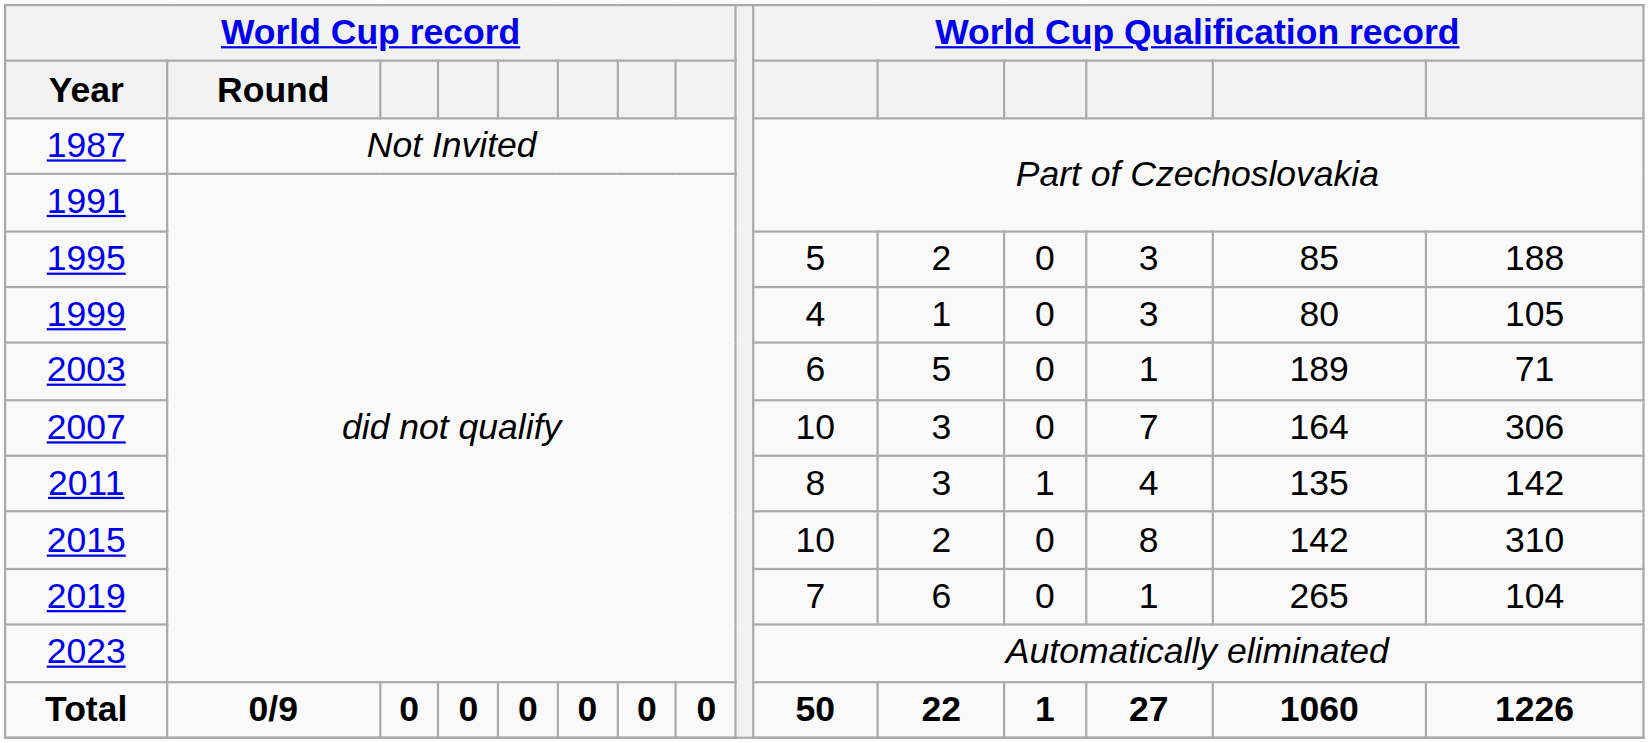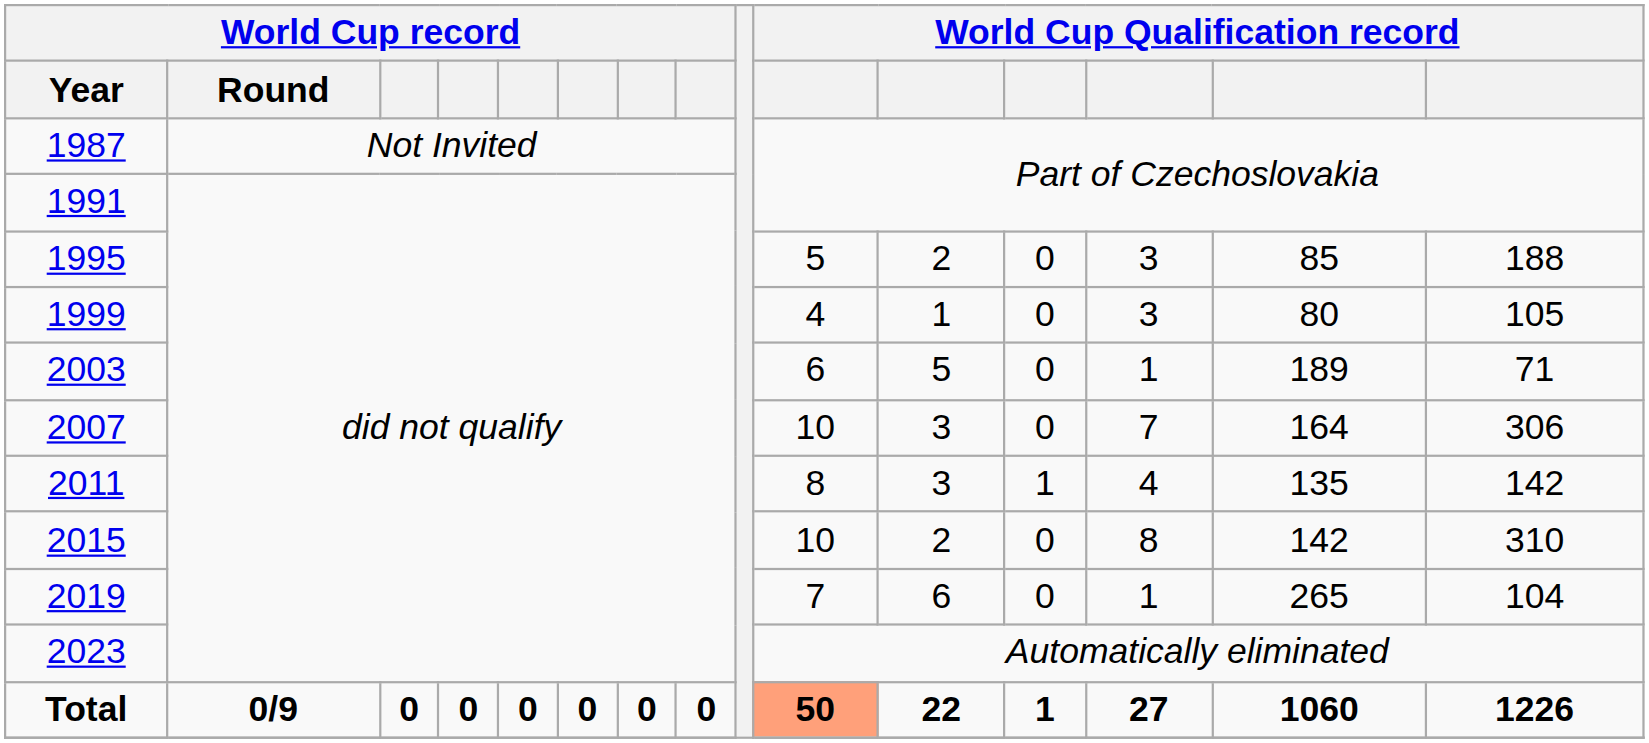 <table class="wikitable" style="text-align: center;">
 <tr>
 <th colspan=8><a href='#'>World Cup record</a></th>
 <th width=1% rowspan=25></th>
 <th colspan=6><a href='#'>World Cup Qualification record</a></th>
 </tr>
 <tr>
 <th>Year</th>
 <th>Round</th>
 <th></th>
 <th></th>
 <th></th>
 <th></th>
 <th></th>
 <th></th>
 <th></th>
 <th></th>
 <th></th>
 <th></th>
 <th></th>
 <th></th>
 </tr>
 <tr>
 <td> <a href='#'>1987</a></td>
 <td colspan=7><em>Not Invited</em></td>
 <td rowspan=2 colspan=6><em>Part of Czechoslovakia</em></td>
 </tr>
 <tr>
 <td> <a href='#'>1991</a></td>
 <td rowspan=9 colspan=7><em>did not qualify</em></td>
 </tr>
 <tr>
 <td> <a href='#'>1995</a></td>
 <td>5</td>
 <td>2</td>
 <td>0</td>
 <td>3</td>
 <td>85</td>
 <td>188</td>
 </tr>
 <tr>
 <td> <a href='#'>1999</a></td>
 <td>4</td>
 <td>1</td>
 <td>0</td>
 <td>3</td>
 <td>80</td>
 <td>105</td>
 </tr>
 <tr>
 <td> <a href='#'>2003</a></td>
 <td>6</td>
 <td>5</td>
 <td>0</td>
 <td>1</td>
 <td>189</td>
 <td>71</td>
 </tr>
 <tr>
 <td> <a href='#'>2007</a></td>
 <td>10</td>
 <td>3</td>
 <td>0</td>
 <td>7</td>
 <td>164</td>
 <td>306</td>
 </tr>
 <tr>
 <td> <a href='#'>2011</a></td>
 <td>8</td>
 <td>3</td>
 <td>1</td>
 <td>4</td>
 <td>135</td>
 <td>142</td>
 </tr>
 <tr>
 <td> <a href='#'>2015</a></td>
 <td>10</td>
 <td>2</td>
 <td>0</td>
 <td>8</td>
 <td>142</td>
 <td>310</td>
 </tr>
 <tr>
 <td> <a href='#'>2019</a></td>
 <td>7</td>
 <td>6</td>
 <td>0</td>
 <td>1</td>
 <td>265</td>
 <td>104</td>
 </tr>
 <tr>
 <td> <a href='#'>2023</a></td>
 <td colspan=6><em>Automatically eliminated</em></td>
 </tr>
 <tr>
 <td><strong>Total</strong></td>
 <td><strong>0/9</strong></td>
 <td><strong>0</strong></td>
 <td><strong>0</strong></td>
 <td><strong>0</strong></td>
 <td><strong>0</strong></td>
 <td><strong>0</strong></td>
 <td><strong>0</strong></td>
-<td><strong>50</strong></td>
+<td style="background: lightsalmon;"><strong>50</strong></td>
 <td><strong>22</strong></td>
 <td><strong>1</strong></td>
 <td><strong>27</strong></td>
 <td><strong>1060</strong></td>
 <td><strong>1226</strong></td>
 </tr>
 <tr>
 </tr>
 </table>
